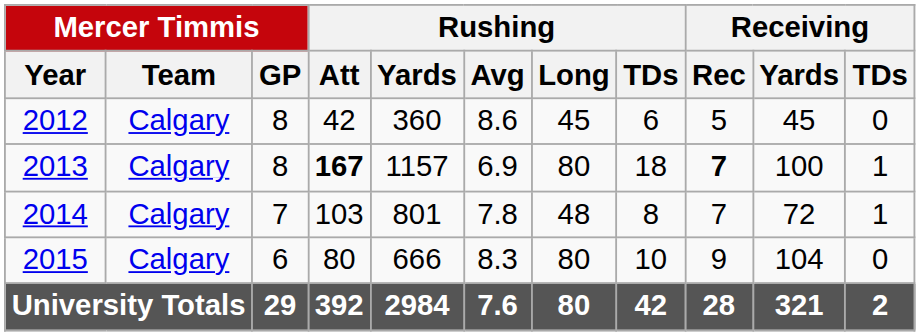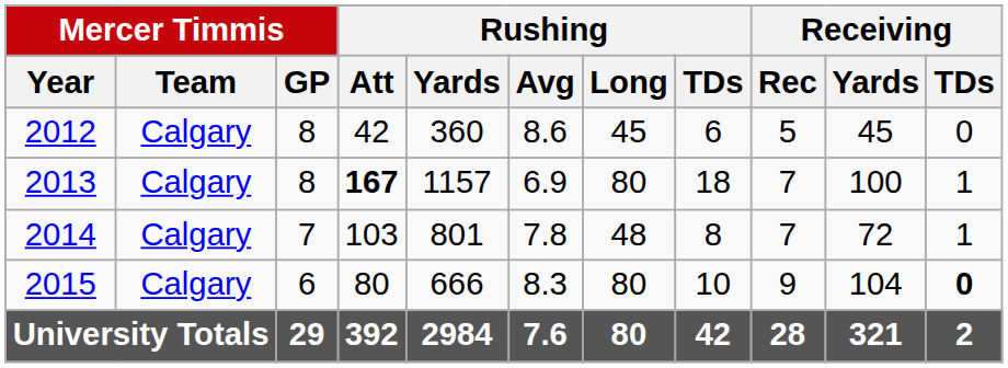 <table class="wikitable" style="text-align:center;">
 <tr>
 <th colspan=3 style="text-align: center; font-weight:bold; background-color:#C5050C; color:#ffffff;">Mercer Timmis</th>
 <th colspan=5>Rushing</th>
 <th colspan=3>Receiving</th>
 </tr>
 <tr>
 <th>Year</th>
 <th>Team</th>
 <th>GP</th>
 <th>Att</th>
 <th>Yards</th>
 <th>Avg</th>
 <th>Long</th>
 <th>TDs</th>
 <th>Rec</th>
 <th>Yards</th>
 <th>TDs</th>
 </tr>
 <tr>
 <td><a href='#'>2012</a></td>
 <td><a href='#'>Calgary</a></td>
 <td>8</td>
 <td>42</td>
 <td>360</td>
 <td>8.6</td>
 <td>45</td>
 <td>6</td>
 <td>5</td>
 <td>45</td>
 <td>0</td>
 </tr>
 <tr>
 <td><a href='#'>2013</a></td>
 <td><a href='#'>Calgary</a></td>
 <td>8</td>
 <td><strong>167</strong></td>
 <td>1157</td>
 <td>6.9</td>
 <td>80</td>
 <td>18</td>
-<td><strong>7</strong></td>
+<td>7</td>
 <td>100</td>
 <td>1</td>
 </tr>
 <tr>
 <td><a href='#'>2014</a></td>
 <td><a href='#'>Calgary</a></td>
 <td>7</td>
 <td>103</td>
 <td>801</td>
 <td>7.8</td>
 <td>48</td>
 <td>8</td>
 <td>7</td>
 <td>72</td>
 <td>1</td>
 </tr>
 <tr>
 <td><a href='#'>2015</a></td>
 <td><a href='#'>Calgary</a></td>
 <td>6</td>
 <td>80</td>
 <td>666</td>
 <td>8.3</td>
 <td>80</td>
 <td>10</td>
 <td>9</td>
 <td>104</td>
-<td>0</td>
+<td><strong>0</strong></td>
 </tr>
 <tr style="background:#555; font-weight:bold; color:white;">
 <td colspan=2>University Totals</td>
 <td>29</td>
 <td>392</td>
 <td>2984</td>
 <td>7.6</td>
 <td>80</td>
 <td>42</td>
 <td>28</td>
 <td>321</td>
 <td>2</td>
 </tr>
 </table>
